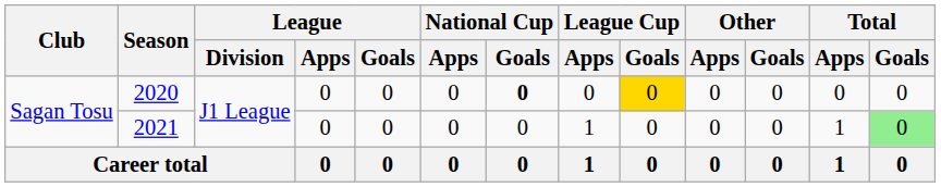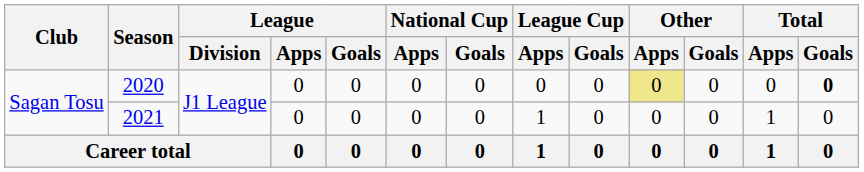 <table class="wikitable" style="text-align: center">
 <tr>
 <th rowspan="2">Club</th>
 <th rowspan="2">Season</th>
 <th colspan="3">League</th>
 <th colspan="2">National Cup</th>
 <th colspan="2">League Cup</th>
 <th colspan="2">Other</th>
 <th colspan="2">Total</th>
 </tr>
 <tr>
 <th>Division</th>
 <th>Apps</th>
 <th>Goals</th>
 <th>Apps</th>
 <th>Goals</th>
 <th>Apps</th>
 <th>Goals</th>
 <th>Apps</th>
 <th>Goals</th>
 <th>Apps</th>
 <th>Goals</th>
 </tr>
 <tr>
 <td rowspan="2"><a href='#'>Sagan Tosu</a></td>
 <td><a href='#'>2020</a></td>
 <td rowspan="2"><a href='#'>J1 League</a></td>
 <td>0</td>
 <td>0</td>
 <td>0</td>
-<td><strong>0</strong></td>
-<td>0</td>
-<td style="background: gold;">0</td>
 <td>0</td>
 <td>0</td>
 <td>0</td>
+<td style="background: khaki;">0</td>
 <td>0</td>
+<td>0</td>
+<td><strong>0</strong></td>
 </tr>
 <tr>
 <td><a href='#'>2021</a></td>
 <td>0</td>
 <td>0</td>
 <td>0</td>
 <td>0</td>
 <td>1</td>
 <td>0</td>
 <td>0</td>
 <td>0</td>
 <td>1</td>
-<td style="background: lightgreen;">0</td>
+<td>0</td>
 </tr>
 <tr>
 <th colspan=3>Career total</th>
 <th>0</th>
 <th>0</th>
 <th>0</th>
 <th>0</th>
 <th>1</th>
 <th>0</th>
 <th>0</th>
 <th>0</th>
 <th>1</th>
 <th>0</th>
 </tr>
 </table>
